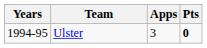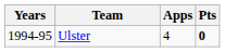 <table class="wikitable" style="text-align:left;">
 <tr>
 <th>Years</th>
 <th width=120px>Team</th>
 <th>Apps</th>
 <th>Pts</th>
 </tr>
 <tr>
 <td>1994-95</td>
 <td><a href='#'>Ulster</a></td>
-<td>3</td>
+<td>4</td>
 <td><strong>0</strong></td>
 </tr>
 </table>
